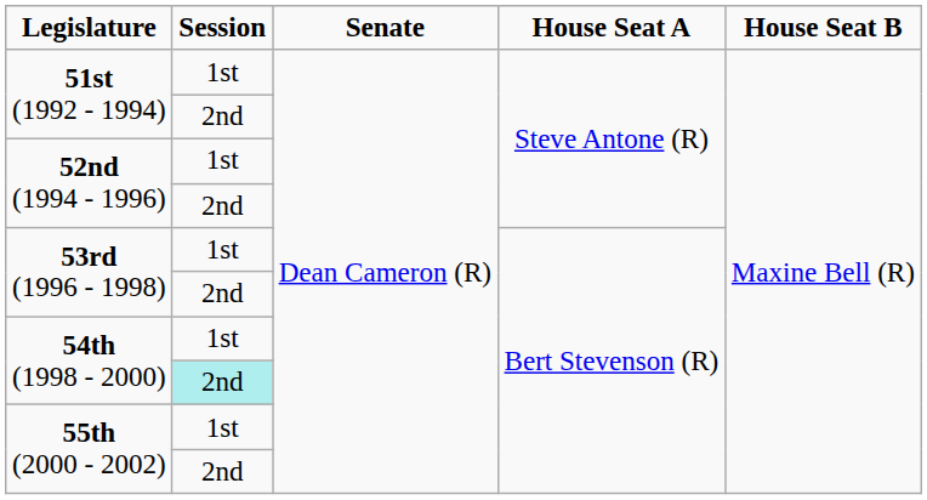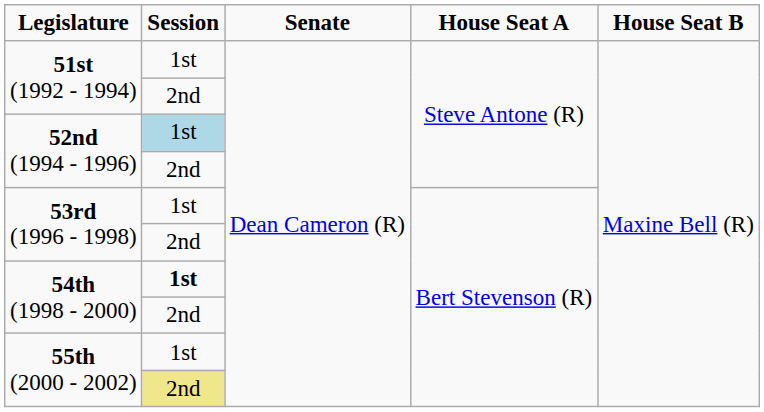 <table class=wikitable style="text-align:center">
 <tr>
 <td><strong>Legislature</strong></td>
 <td><strong>Session</strong></td>
 <td><strong>Senate</strong></td>
 <td><strong>House Seat A</strong></td>
 <td><strong>House Seat B</strong></td>
 </tr>
 <tr>
 <td rowspan="2" colspan="1" style="text-align: center;"><strong>51st</strong> <br> (1992 - 1994)</td>
 <td>1st</td>
 <td rowspan="10" colspan="1" style="text-align: center;" ><a href='#'>Dean Cameron</a> (R)</td>
 <td rowspan="4" colspan="1" style="text-align: center;" ><a href='#'>Steve Antone</a> (R)</td>
 <td rowspan="10" colspan="1" style="text-align: center;" ><a href='#'>Maxine Bell</a> (R)</td>
 </tr>
 <tr>
 <td>2nd</td>
 </tr>
 <tr>
 <td rowspan="2" colspan="1" style="text-align: center;"><strong>52nd</strong> <br> (1994 - 1996)</td>
-<td>1st</td>
+<td style="background: lightblue;">1st</td>
 </tr>
 <tr>
 <td>2nd</td>
 </tr>
 <tr>
 <td rowspan="2" colspan="1" style="text-align: center;"><strong>53rd</strong> <br> (1996 - 1998)</td>
 <td>1st</td>
 <td rowspan="6" colspan="1" style="text-align: center;" ><a href='#'>Bert Stevenson</a> (R)</td>
 </tr>
 <tr>
 <td>2nd</td>
 </tr>
 <tr>
 <td rowspan="2" colspan="1" style="text-align: center;"><strong>54th</strong> <br> (1998 - 2000)</td>
-<td>1st</td>
+<td><strong>1st</strong></td>
 </tr>
 <tr>
-<td style="background: paleturquoise;">2nd</td>
+<td>2nd</td>
 </tr>
 <tr>
 <td rowspan="2" colspan="1" style="text-align: center;"><strong>55th</strong> <br> (2000 - 2002)</td>
 <td>1st</td>
 </tr>
 <tr>
-<td>2nd</td>
+<td style="background: khaki;">2nd</td>
 </tr>
 </table>
